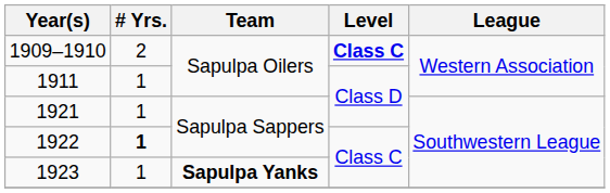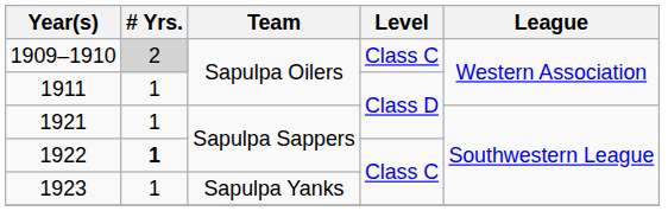 <table class="wikitable" style="text-align:center; font-size: 95%;">
 <tr>
 <th>Year(s)</th>
 <th># Yrs.</th>
 <th>Team</th>
 <th>Level</th>
 <th>League</th>
 </tr>
 <tr>
 <td>1909–1910</td>
-<td>2</td>
+<td style="background: lightgrey;">2</td>
 <td rowspan=2>Sapulpa Oilers</td>
-<td><strong><a href='#'>Class C</a></strong></td>
+<td><a href='#'>Class C</a></td>
 <td rowspan=2><a href='#'>Western Association</a></td>
 </tr>
 <tr>
 <td>1911</td>
 <td>1</td>
 <td rowspan=2><a href='#'>Class D</a></td>
 </tr>
 <tr>
 <td>1921</td>
 <td>1</td>
 <td rowspan=2>Sapulpa Sappers</td>
 <td rowspan=3><a href='#'>Southwestern League</a></td>
 </tr>
 <tr>
 <td>1922</td>
 <td><strong>1</strong></td>
 <td rowspan=2><a href='#'>Class C</a></td>
 </tr>
 <tr>
 <td>1923</td>
 <td>1</td>
-<td><strong>Sapulpa Yanks</strong></td>
+<td>Sapulpa Yanks</td>
 </tr>
 <tr>
 </tr>
 </table>
